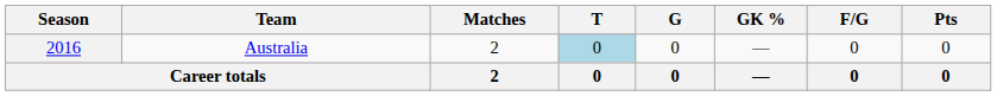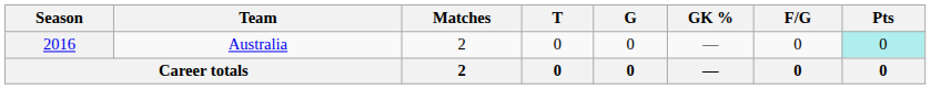 <table class="wikitable sortable"  style="font-size:90%; text-align:center; width:65%;">
 <tr>
 <th width=2%>Season</th>
 <th width=8%>Team</th>
 <th width=2%>Matches</th>
 <th width=2%>T</th>
 <th width=2%>G</th>
 <th width=2%>GK %</th>
 <th width=2%>F/G</th>
 <th width=2%>Pts</th>
 </tr>
 <tr>
 <th scope="row" style="text-align:center; font-weight:normal;"><a href='#'>2016</a></th>
 <td style="text-align:center;"> <a href='#'>Australia</a></td>
 <td>2</td>
-<td style="background: lightblue;">0</td>
+<td>0</td>
 <td>0</td>
 <td>—</td>
 <td>0</td>
-<td>0</td>
+<td style="background: paleturquoise;">0</td>
 </tr>
 <tr class="sortbottom">
 <th colspan=2>Career totals</th>
 <th>2</th>
 <th>0</th>
 <th>0</th>
 <th>—</th>
 <th>0</th>
 <th>0</th>
 </tr>
 </table>
